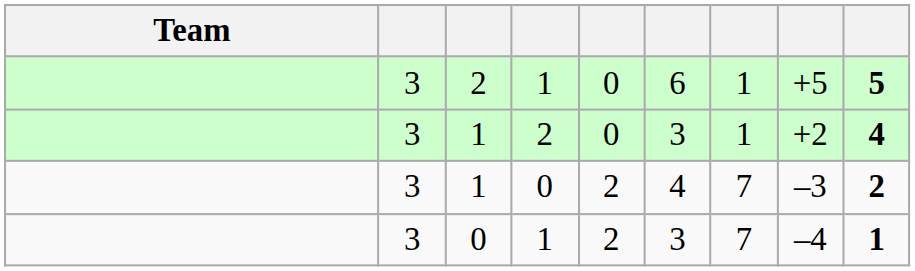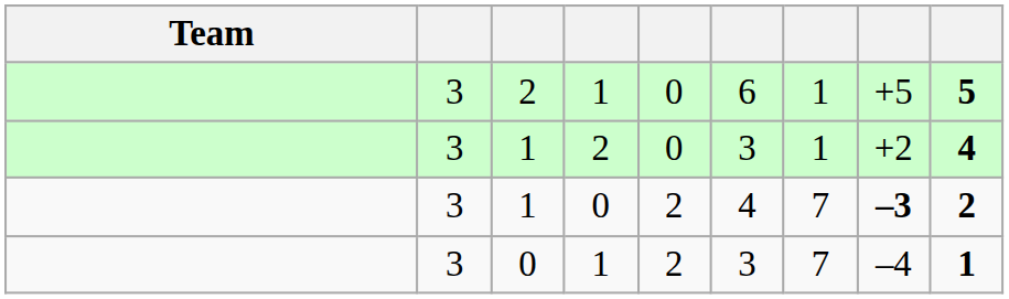 <table class="wikitable" style="text-align: center;">
 <tr>
 <th width=175>Team</th>
 <th width=25></th>
 <th width=25></th>
 <th width=25></th>
 <th width=25></th>
 <th width=25></th>
 <th width=25></th>
 <th width=25></th>
 <th width=25></th>
 </tr>
 <tr bgcolor=ccffcc>
 <td style="text-align:left;"></td>
 <td>3</td>
 <td>2</td>
 <td>1</td>
 <td>0</td>
 <td>6</td>
 <td>1</td>
 <td>+5</td>
 <td><strong>5</strong></td>
 </tr>
 <tr bgcolor=ccffcc>
 <td style="text-align:left;"></td>
 <td>3</td>
 <td>1</td>
 <td>2</td>
 <td>0</td>
 <td>3</td>
 <td>1</td>
 <td>+2</td>
 <td><strong>4</strong></td>
 </tr>
 <tr>
 <td style="text-align:left;"></td>
 <td>3</td>
 <td>1</td>
 <td>0</td>
 <td>2</td>
 <td>4</td>
 <td>7</td>
-<td>–3</td>
+<td><strong>–3</strong></td>
 <td><strong>2</strong></td>
 </tr>
 <tr>
 <td style="text-align:left;"></td>
 <td>3</td>
 <td>0</td>
 <td>1</td>
 <td>2</td>
 <td>3</td>
 <td>7</td>
 <td>–4</td>
 <td><strong>1</strong></td>
 </tr>
 </table>
